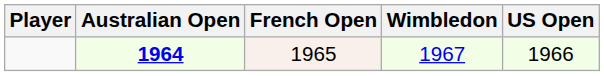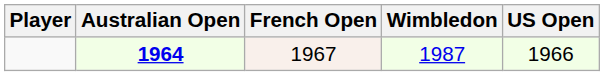 <table class=wikitable>
 <tr>
 <th>Player</th>
 <th>Australian Open</th>
 <th>French Open</th>
 <th>Wimbledon</th>
 <th>US Open</th>
 </tr>
 <tr>
 <td></td>
 <td bgcolor=f2ffe6 align=center><strong><a href='#'>1964</a></strong></td>
-<td bgcolor=f9f0eb align=center>1965</td>
-<td bgcolor=f2ffe6 align=center><a href='#'>1967</a></td>
+<td bgcolor=f9f0eb align=center>1967</td>
+<td bgcolor=f2ffe6 align=center><a href='#'>1987</a></td>
 <td bgcolor=f2ffe6 align=center>1966</td>
 </tr>
 </table>
